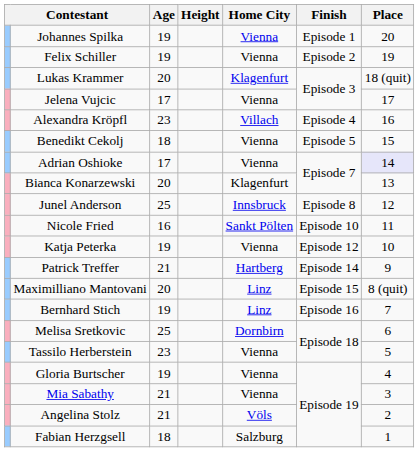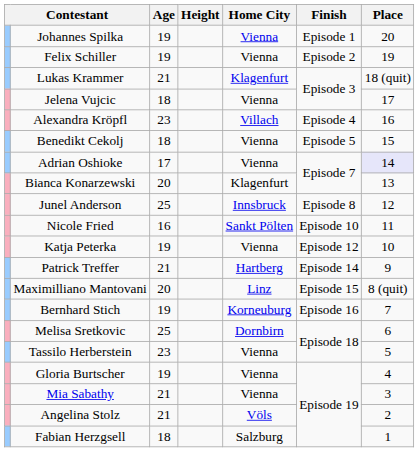 <table class="wikitable sortable" style="text-align:center;">
 <tr>
 <th colspan="2">Contestant</th>
 <th>Age</th>
 <th>Height</th>
 <th>Home City</th>
 <th>Finish</th>
 <th>Place</th>
 </tr>
 <tr>
 <td style="background:#9cf;"></td>
 <td>Johannes Spilka</td>
 <td>19</td>
 <td></td>
 <td><a href='#'>Vienna</a></td>
 <td>Episode 1</td>
 <td>20</td>
 </tr>
 <tr>
 <td style="background:#9cf;"></td>
 <td>Felix Schiller</td>
 <td>19</td>
 <td></td>
 <td>Vienna</td>
 <td>Episode 2</td>
 <td>19</td>
 </tr>
 <tr>
 <td style="background:#9cf;"></td>
 <td>Lukas Krammer</td>
-<td>20</td>
+<td>21</td>
 <td></td>
 <td><a href='#'>Klagenfurt</a></td>
 <td rowspan="2">Episode 3</td>
 <td>18 (quit)</td>
 </tr>
 <tr>
 <td style="background:#faafbe"></td>
 <td>Jelena Vujcic</td>
-<td>17</td>
+<td>18</td>
 <td></td>
 <td>Vienna</td>
 <td>17</td>
 </tr>
 <tr>
 <td style="background:#faafbe"></td>
 <td>Alexandra Kröpfl</td>
 <td>23</td>
 <td></td>
 <td><a href='#'>Villach</a></td>
 <td>Episode 4</td>
 <td>16</td>
 </tr>
 <tr>
 <td style="background:#9cf;"></td>
 <td>Benedikt Cekolj</td>
 <td>18</td>
 <td></td>
 <td>Vienna</td>
 <td>Episode 5</td>
 <td>15</td>
 </tr>
 <tr>
 <td style="background:#9cf;"></td>
 <td>Adrian Oshioke</td>
 <td>17</td>
 <td></td>
 <td>Vienna</td>
 <td rowspan="2">Episode 7</td>
 <td style="background: lavender;">14</td>
 </tr>
 <tr>
 <td style="background:#faafbe"></td>
 <td>Bianca Konarzewski</td>
 <td>20</td>
 <td></td>
 <td>Klagenfurt</td>
 <td>13</td>
 </tr>
 <tr>
 <td style="background:#faafbe"></td>
 <td>Junel Anderson</td>
 <td>25</td>
 <td></td>
 <td><a href='#'>Innsbruck</a></td>
 <td>Episode 8</td>
 <td>12</td>
 </tr>
 <tr>
 <td style="background:#faafbe"></td>
 <td>Nicole Fried</td>
 <td>16</td>
 <td></td>
 <td><a href='#'>Sankt Pölten</a></td>
 <td>Episode 10</td>
 <td>11</td>
 </tr>
 <tr>
 <td style="background:#faafbe"></td>
 <td>Katja Peterka</td>
 <td>19</td>
 <td></td>
 <td>Vienna</td>
 <td>Episode 12</td>
 <td>10</td>
 </tr>
 <tr>
 <td style="background:#9cf;"></td>
 <td>Patrick Treffer</td>
 <td>21</td>
 <td></td>
 <td><a href='#'>Hartberg</a></td>
 <td>Episode 14</td>
 <td>9</td>
 </tr>
 <tr>
 <td style="background:#9cf;"></td>
 <td>Maximilliano Mantovani</td>
 <td>20</td>
 <td></td>
 <td><a href='#'>Linz</a></td>
 <td>Episode 15</td>
 <td>8 (quit)</td>
 </tr>
 <tr>
 <td style="background:#9cf;"></td>
 <td>Bernhard Stich</td>
 <td>19</td>
 <td></td>
-<td><a href='#'>Linz</a></td>
+<td><a href='#'>Korneuburg</a></td>
 <td>Episode 16</td>
 <td>7</td>
 </tr>
 <tr>
 <td style="background:#faafbe"></td>
 <td>Melisa Sretkovic</td>
 <td>25</td>
 <td></td>
 <td><a href='#'>Dornbirn</a></td>
 <td rowspan="2">Episode 18</td>
 <td>6</td>
 </tr>
 <tr>
 <td style="background:#9cf;"></td>
 <td>Tassilo Herberstein</td>
 <td>23</td>
 <td></td>
 <td>Vienna</td>
 <td>5</td>
 </tr>
 <tr>
 <td style="background:#faafbe"></td>
 <td>Gloria Burtscher</td>
 <td>19</td>
 <td></td>
 <td>Vienna</td>
 <td rowspan="4">Episode 19</td>
 <td>4</td>
 </tr>
 <tr>
 <td style="background:#faafbe"></td>
 <td><a href='#'>Mia Sabathy</a></td>
 <td>21</td>
 <td></td>
 <td>Vienna</td>
 <td>3</td>
 </tr>
 <tr>
 <td style="background:#faafbe"></td>
 <td>Angelina Stolz</td>
 <td>21</td>
 <td></td>
 <td><a href='#'>Völs</a></td>
 <td>2</td>
 </tr>
 <tr>
 <td style="background:#9cf;"></td>
 <td>Fabian Herzgsell</td>
 <td>18</td>
 <td></td>
 <td>Salzburg</td>
 <td>1</td>
 </tr>
 </table>
